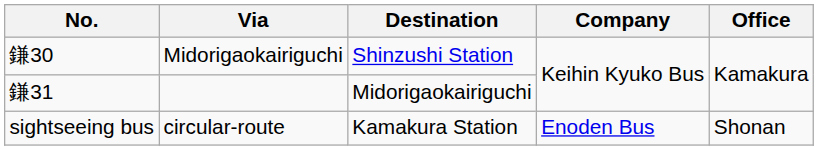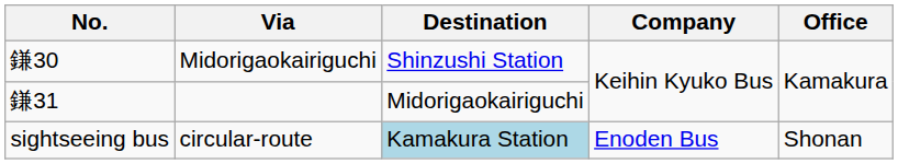 <table class="wikitable">
 <tr>
 <th>No.</th>
 <th>Via</th>
 <th>Destination</th>
 <th>Company</th>
 <th>Office</th>
 </tr>
 <tr>
 <td>鎌30</td>
 <td>Midorigaokairiguchi</td>
 <td><a href='#'>Shinzushi Station</a></td>
 <td rowspan="2">Keihin Kyuko Bus</td>
 <td rowspan="2">Kamakura</td>
 </tr>
 <tr>
 <td>鎌31</td>
 <td></td>
 <td>Midorigaokairiguchi</td>
 </tr>
 <tr>
 <td>sightseeing bus</td>
 <td>circular-route</td>
-<td>Kamakura Station</td>
+<td style="background: lightblue;">Kamakura Station</td>
 <td rowspan="2"><a href='#'>Enoden Bus</a></td>
 <td rowspan="2">Shonan</td>
 </tr>
 </table>
